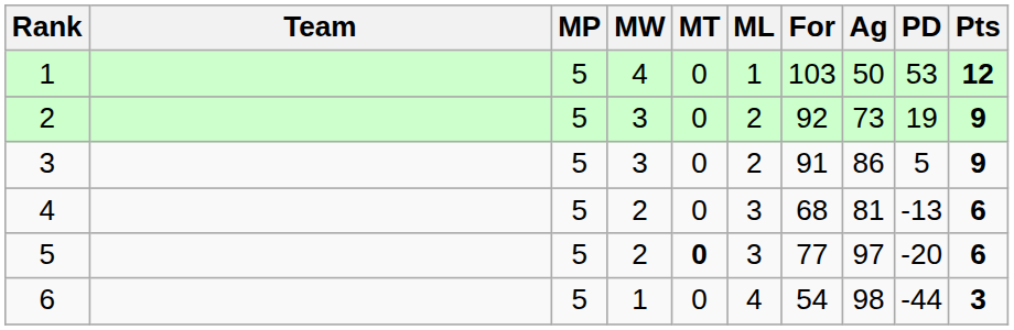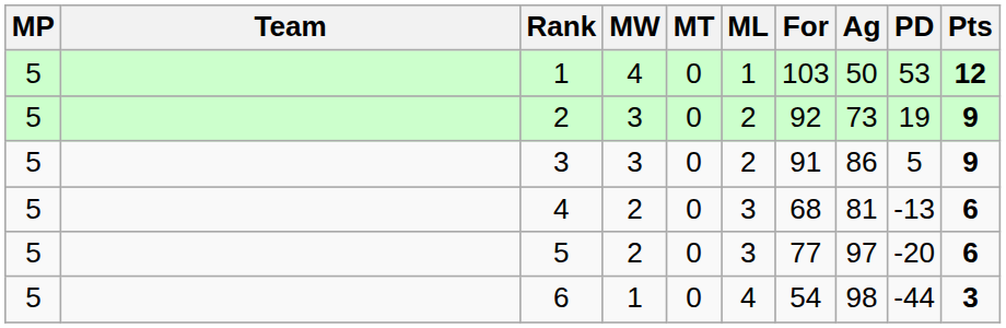 <table class=wikitable style="text-align:center">
 <tr>
+<th width=20>MP</th>
+<th width=250>Team</th>
 <th width=20>Rank</th>
-<th width=250>Team</th>
-<th width=20>MP</th>
 <th width=20>MW</th>
 <th width=20>MT</th>
 <th width=20>ML</th>
 <th width=20>For</th>
 <th width=20>Ag</th>
 <th width=20>PD</th>
 <th width=20>Pts</th>
 </tr>
 <tr bgcolor="#ccffcc">
+<td>5</td>
+<td align=left><strong></strong></td>
 <td>1</td>
-<td align=left><strong></strong></td>
-<td>5</td>
 <td>4</td>
 <td>0</td>
 <td>1</td>
 <td>103</td>
 <td>50</td>
 <td>53</td>
 <td><strong>12</strong></td>
 </tr>
 <tr bgcolor="#ccffcc">
+<td>5</td>
+<td align=left><strong></strong></td>
 <td>2</td>
-<td align=left><strong></strong></td>
-<td>5</td>
 <td>3</td>
 <td>0</td>
 <td>2</td>
 <td>92</td>
 <td>73</td>
 <td>19</td>
 <td><strong>9</strong></td>
 </tr>
 <tr>
+<td>5</td>
+<td align=left></td>
 <td>3</td>
-<td align=left></td>
-<td>5</td>
 <td>3</td>
 <td>0</td>
 <td>2</td>
 <td>91</td>
 <td>86</td>
 <td>5</td>
 <td><strong>9</strong></td>
 </tr>
 <tr>
+<td>5</td>
+<td align=left></td>
 <td>4</td>
-<td align=left></td>
-<td>5</td>
 <td>2</td>
 <td>0</td>
 <td>3</td>
 <td>68</td>
 <td>81</td>
 <td>-13</td>
 <td><strong>6</strong></td>
 </tr>
 <tr>
 <td>5</td>
 <td align=left></td>
 <td>5</td>
 <td>2</td>
-<td><strong>0</strong></td>
+<td>0</td>
 <td>3</td>
 <td>77</td>
 <td>97</td>
 <td>-20</td>
 <td><strong>6</strong></td>
 </tr>
 <tr>
+<td>5</td>
+<td align=left></td>
 <td>6</td>
-<td align=left></td>
-<td>5</td>
 <td>1</td>
 <td>0</td>
 <td>4</td>
 <td>54</td>
 <td>98</td>
 <td>-44</td>
 <td><strong>3</strong></td>
 </tr>
 </table>
